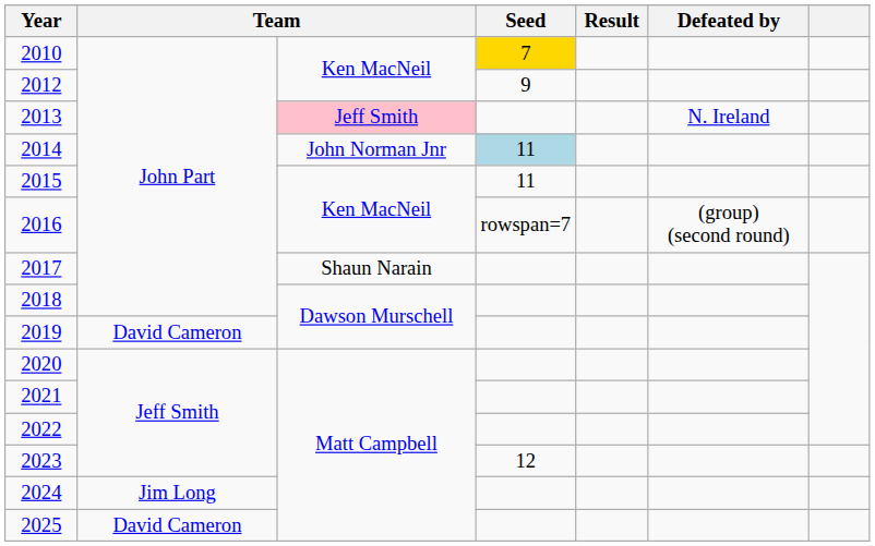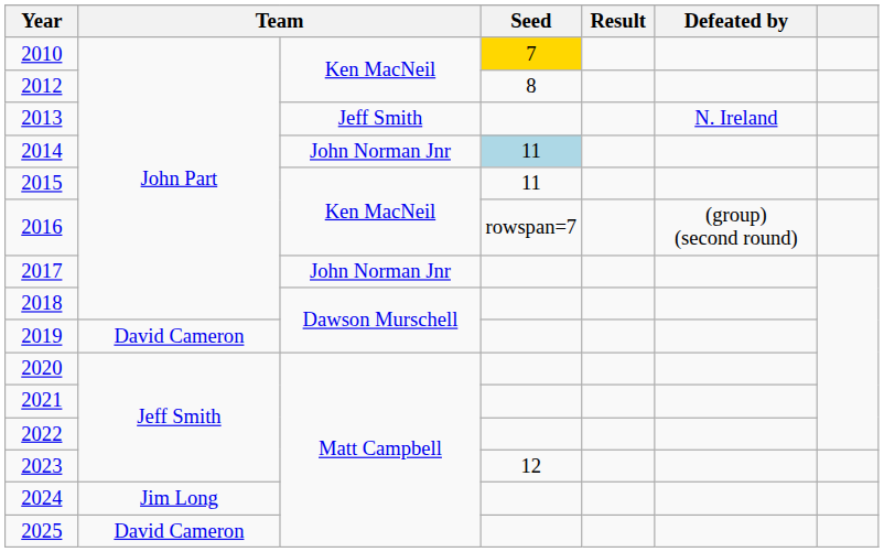 <table class="wikitable" style="text-align: center;">
 <tr style= "background: #e2e2e2;">
 </tr>
 <tr style="background: #efefef;">
 <th width=50px>Year</th>
 <th colspan="2">Team</th>
 <th width=50px>Seed</th>
 <th width=50px>Result</th>
 <th width=120px>Defeated by</th>
 <th width=40px></th>
 </tr>
 <tr>
 <td><a href='#'>2010</a></td>
 <td rowspan=8 width=150px><a href='#'>John Part</a></td>
 <td rowspan=2 width=150px><a href='#'>Ken MacNeil</a></td>
 <td style="background: gold;">7</td>
 <td></td>
 <td> <br> </td>
 <td></td>
 </tr>
 <tr>
 <td><a href='#'>2012</a></td>
-<td>9</td>
+<td>8</td>
 <td></td>
 <td> </td>
 <td></td>
 </tr>
 <tr>
 <td><a href='#'>2013</a></td>
-<td style="background: pink;"><a href='#'>Jeff Smith</a></td>
+<td><a href='#'>Jeff Smith</a></td>
 <td></td>
 <td></td>
 <td> <a href='#'>N. Ireland</a></td>
 <td></td>
 </tr>
 <tr>
 <td><a href='#'>2014</a></td>
 <td><a href='#'>John Norman Jnr</a></td>
 <td style="background: lightblue;">11</td>
 <td></td>
 <td> </td>
 <td></td>
 </tr>
 <tr>
 <td><a href='#'>2015</a></td>
 <td rowspan=2><a href='#'>Ken MacNeil</a></td>
 <td>11</td>
 <td></td>
 <td> </td>
 <td></td>
 </tr>
 <tr>
 <td><a href='#'>2016</a></td>
 <td>rowspan=7 </td>
 <td></td>
 <td>  (group)<br>  (second round)</td>
 <td></td>
 </tr>
 <tr>
 <td><a href='#'>2017</a></td>
-<td>Shaun Narain</td>
+<td><a href='#'>John Norman Jnr</a></td>
 <td></td>
 <td> </td>
 <td></td>
 </tr>
 <tr>
 <td><a href='#'>2018</a></td>
 <td rowspan=2><a href='#'>Dawson Murschell</a></td>
 <td></td>
 <td> </td>
 <td></td>
 </tr>
 <tr>
 <td><a href='#'>2019</a></td>
 <td><a href='#'>David Cameron</a></td>
 <td></td>
 <td> </td>
 <td></td>
 </tr>
 <tr>
 <td><a href='#'>2020</a></td>
 <td rowspan=4><a href='#'>Jeff Smith</a></td>
 <td rowspan=6><a href='#'>Matt Campbell</a></td>
 <td></td>
 <td> </td>
 <td></td>
 </tr>
 <tr>
 <td><a href='#'>2021</a></td>
 <td></td>
 <td> </td>
 <td></td>
 </tr>
 <tr>
 <td><a href='#'>2022</a></td>
 <td></td>
 <td> </td>
 <td></td>
 </tr>
 <tr>
 <td><a href='#'>2023</a></td>
 <td>12</td>
 <td></td>
 <td> </td>
 <td></td>
 </tr>
 <tr>
 <td><a href='#'>2024</a></td>
 <td><a href='#'>Jim Long</a></td>
 <td></td>
 <td></td>
 <td> </td>
 <td></td>
 </tr>
 <tr>
 <td><a href='#'>2025</a></td>
 <td><a href='#'>David Cameron</a></td>
 <td></td>
 <td></td>
 <td></td>
 <td></td>
 </tr>
 </table>
